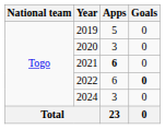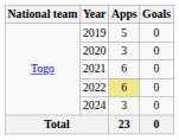 <table class="wikitable" style="text-align:center">
 <tr>
 <th>National team</th>
 <th>Year</th>
 <th>Apps</th>
 <th>Goals</th>
 </tr>
 <tr>
 <td rowspan="5"><a href='#'>Togo</a></td>
 <td>2019</td>
 <td>5</td>
 <td>0</td>
 </tr>
 <tr>
 <td>2020</td>
 <td>3</td>
 <td>0</td>
 </tr>
 <tr>
 <td>2021</td>
-<td><strong>6</strong></td>
+<td>6</td>
 <td>0</td>
 </tr>
 <tr>
 <td>2022</td>
-<td>6</td>
-<td><strong>0</strong></td>
+<td style="background: khaki;">6</td>
+<td>0</td>
 </tr>
 <tr>
 <td>2024</td>
 <td>3</td>
 <td>0</td>
 </tr>
 <tr>
 <th colspan="2">Total</th>
 <th>23</th>
 <th>0</th>
 </tr>
 </table>
